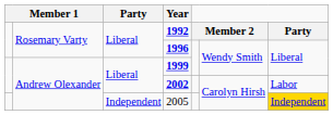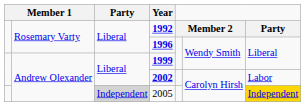 <table class="wikitable">
 <tr>
 <th colspan="2">Member 1</th>
 <th>Party</th>
 <th>Year</th>
 </tr>
 <tr>
 <td rowspan=2 > </td>
 <td rowspan=2><a href='#'>Rosemary Varty</a></td>
 <td rowspan=2><a href='#'>Liberal</a></td>
 <td><strong><a href='#'>1992</a></strong></td>
 <th colspan="2">Member 2</th>
 <th>Party</th>
 </tr>
 <tr>
 <td><strong><a href='#'>1996</a></strong></td>
 <td rowspan=2 > </td>
 <td rowspan=2><a href='#'>Wendy Smith</a></td>
 <td rowspan=2><a href='#'>Liberal</a></td>
 </tr>
 <tr>
 <td rowspan=2  > </td>
 <td rowspan=3><a href='#'>Andrew Olexander</a></td>
 <td rowspan=2><a href='#'>Liberal</a></td>
 <td><strong><a href='#'>1999</a></strong></td>
 </tr>
 <tr>
 <td><strong><a href='#'>2002</a></strong></td>
 <td> </td>
 <td rowspan=2><a href='#'>Carolyn Hirsh</a></td>
 <td><a href='#'>Labor</a></td>
 </tr>
 <tr>
 <td> </td>
-<td><a href='#'>Independent</a></td>
+<td style="background: lightgrey;"><a href='#'>Independent</a></td>
 <td>2005</td>
 <td> </td>
 <td style="background: gold;"><a href='#'>Independent</a></td>
 </tr>
 </table>
